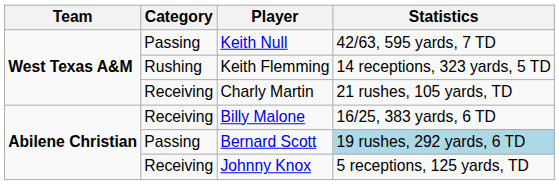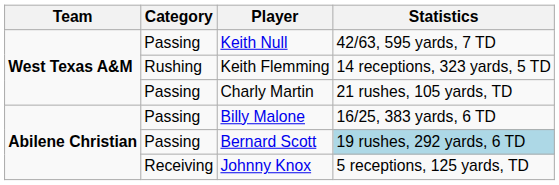 <table class="wikitable" style="float: right;">
 <tr>
 <th>Team</th>
 <th>Category</th>
 <th>Player</th>
 <th>Statistics</th>
 </tr>
 <tr>
 <td rowspan=3><strong>West Texas A&M</strong></td>
 <td>Passing</td>
 <td><a href='#'>Keith Null</a></td>
 <td>42/63, 595 yards, 7 TD</td>
 </tr>
 <tr>
 <td>Rushing</td>
 <td>Keith Flemming</td>
 <td>14 receptions, 323 yards, 5 TD</td>
 </tr>
 <tr>
-<td>Receiving</td>
+<td>Passing</td>
 <td>Charly Martin</td>
 <td>21 rushes, 105 yards, TD</td>
 </tr>
 <tr>
 <td rowspan=3><strong>Abilene Christian</strong></td>
-<td>Receiving</td>
+<td>Passing</td>
 <td><a href='#'>Billy Malone</a></td>
 <td>16/25, 383 yards, 6 TD</td>
 </tr>
 <tr>
 <td>Passing</td>
 <td><a href='#'>Bernard Scott</a></td>
 <td style="background: lightblue;">19 rushes, 292 yards, 6 TD</td>
 </tr>
 <tr>
 <td>Receiving</td>
 <td><a href='#'>Johnny Knox</a></td>
 <td>5 receptions, 125 yards, TD</td>
 </tr>
 </table>
